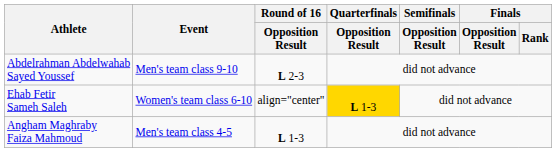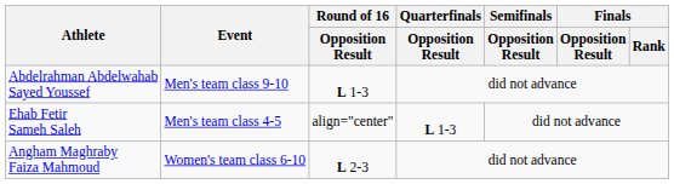 <table class=wikitable>
 <tr>
 <th rowspan="2">Athlete</th>
 <th rowspan="2">Event</th>
 <th>Round of 16</th>
 <th>Quarterfinals</th>
 <th>Semifinals</th>
 <th colspan="2">Finals</th>
 </tr>
 <tr>
 <th>Opposition<br>Result</th>
 <th>Opposition<br>Result</th>
 <th>Opposition<br>Result</th>
 <th>Opposition<br>Result</th>
 <th>Rank</th>
 </tr>
 <tr>
 <td><a href='#'>Abdelrahman Abdelwahab</a><br><a href='#'>Sayed Youssef</a></td>
 <td><a href='#'>Men's team class 9-10</a></td>
-<td align="center"><br><strong>L</strong> 2-3</td>
+<td align="center"><br><strong>L</strong> 1-3</td>
 <td align="center" colspan="4">did not advance</td>
 </tr>
 <tr>
 <td><a href='#'>Ehab Fetir</a><br><a href='#'>Sameh Saleh</a></td>
-<td><a href='#'>Women's team class 6-10</a></td>
+<td><a href='#'>Men's team class 4-5</a></td>
 <td>align="center" </td>
-<td align="center" style="background: gold;"><br><strong>L</strong> 1-3</td>
+<td align="center"><br><strong>L</strong> 1-3</td>
 <td align="center" colspan="3">did not advance</td>
 </tr>
 <tr>
 <td><a href='#'>Angham Maghraby</a><br><a href='#'>Faiza Mahmoud</a></td>
-<td><a href='#'>Men's team class 4-5</a></td>
-<td align="center"><br><strong>L</strong> 1-3</td>
+<td><a href='#'>Women's team class 6-10</a></td>
+<td align="center"><br><strong>L</strong> 2-3</td>
 <td align="center" colspan="4">did not advance</td>
 </tr>
 </table>
